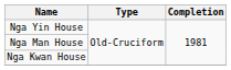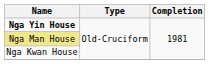 <table class="wikitable" style="text-align: center">
 <tr>
 <th>Name</th>
 <th>Type</th>
 <th>Completion</th>
 </tr>
 <tr>
-<td>Nga Yin House</td>
+<td><strong>Nga Yin House</strong></td>
 <td rowspan="3">Old-Cruciform</td>
 <td rowspan="3">1981</td>
 </tr>
 <tr>
-<td>Nga Man House</td>
+<td style="background: khaki;">Nga Man House</td>
 </tr>
 <tr>
 <td>Nga Kwan House</td>
 </tr>
 <tr>
 </tr>
 </table>
